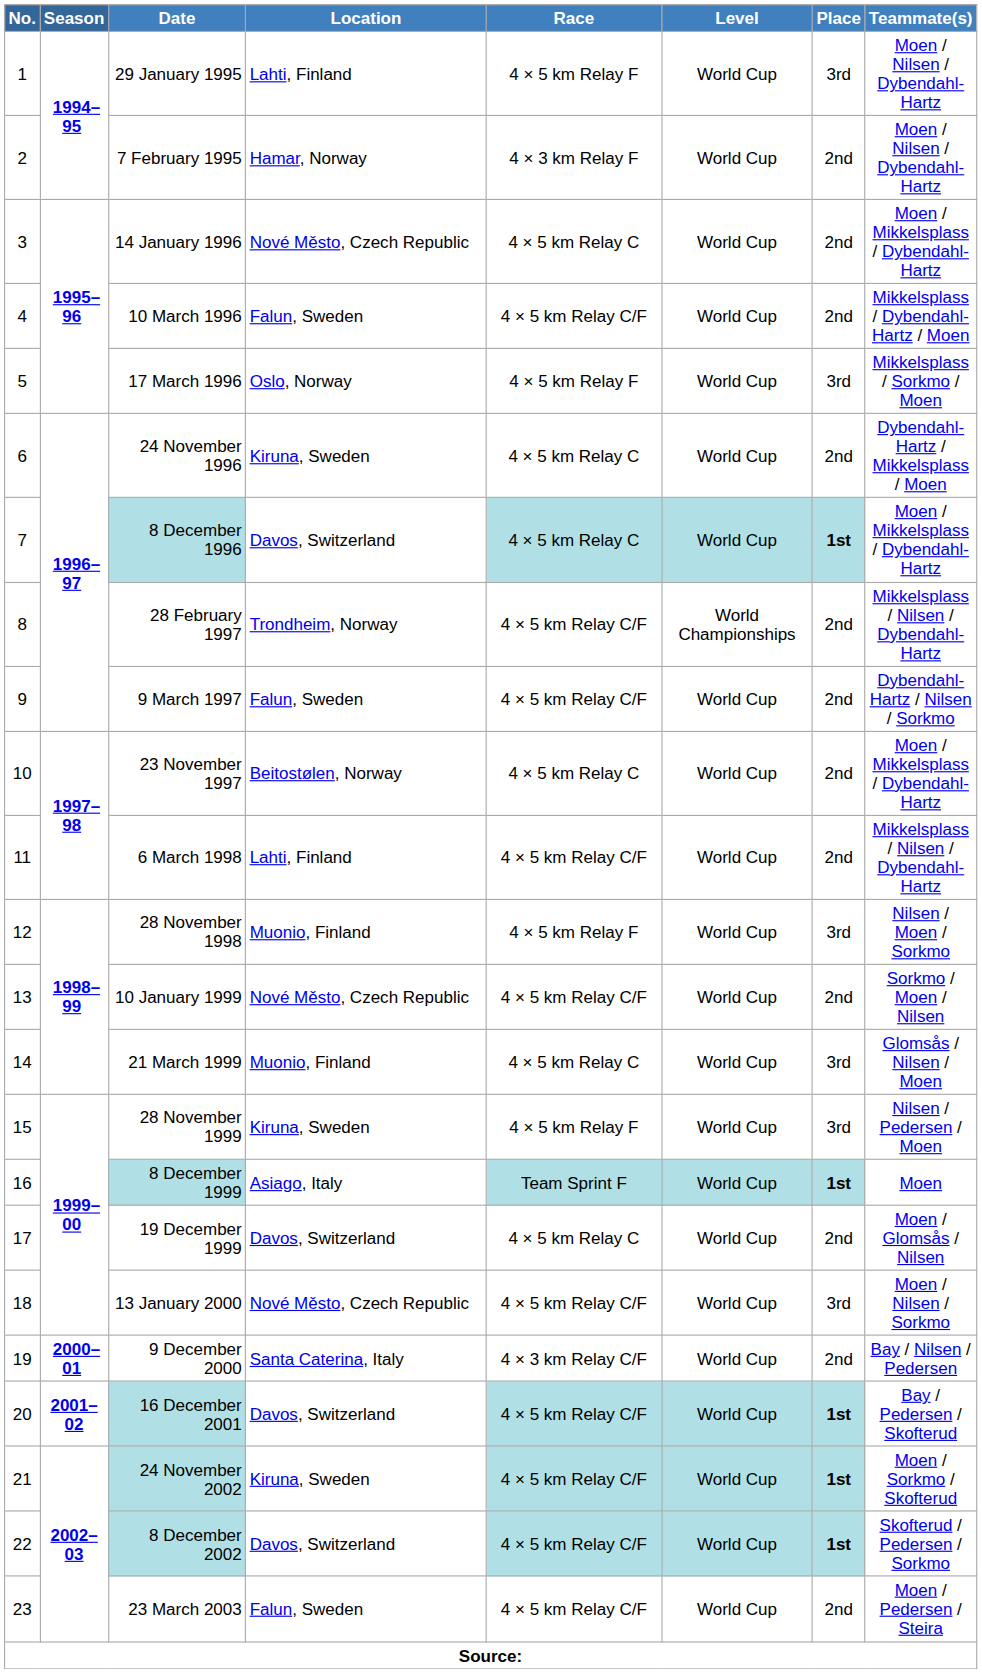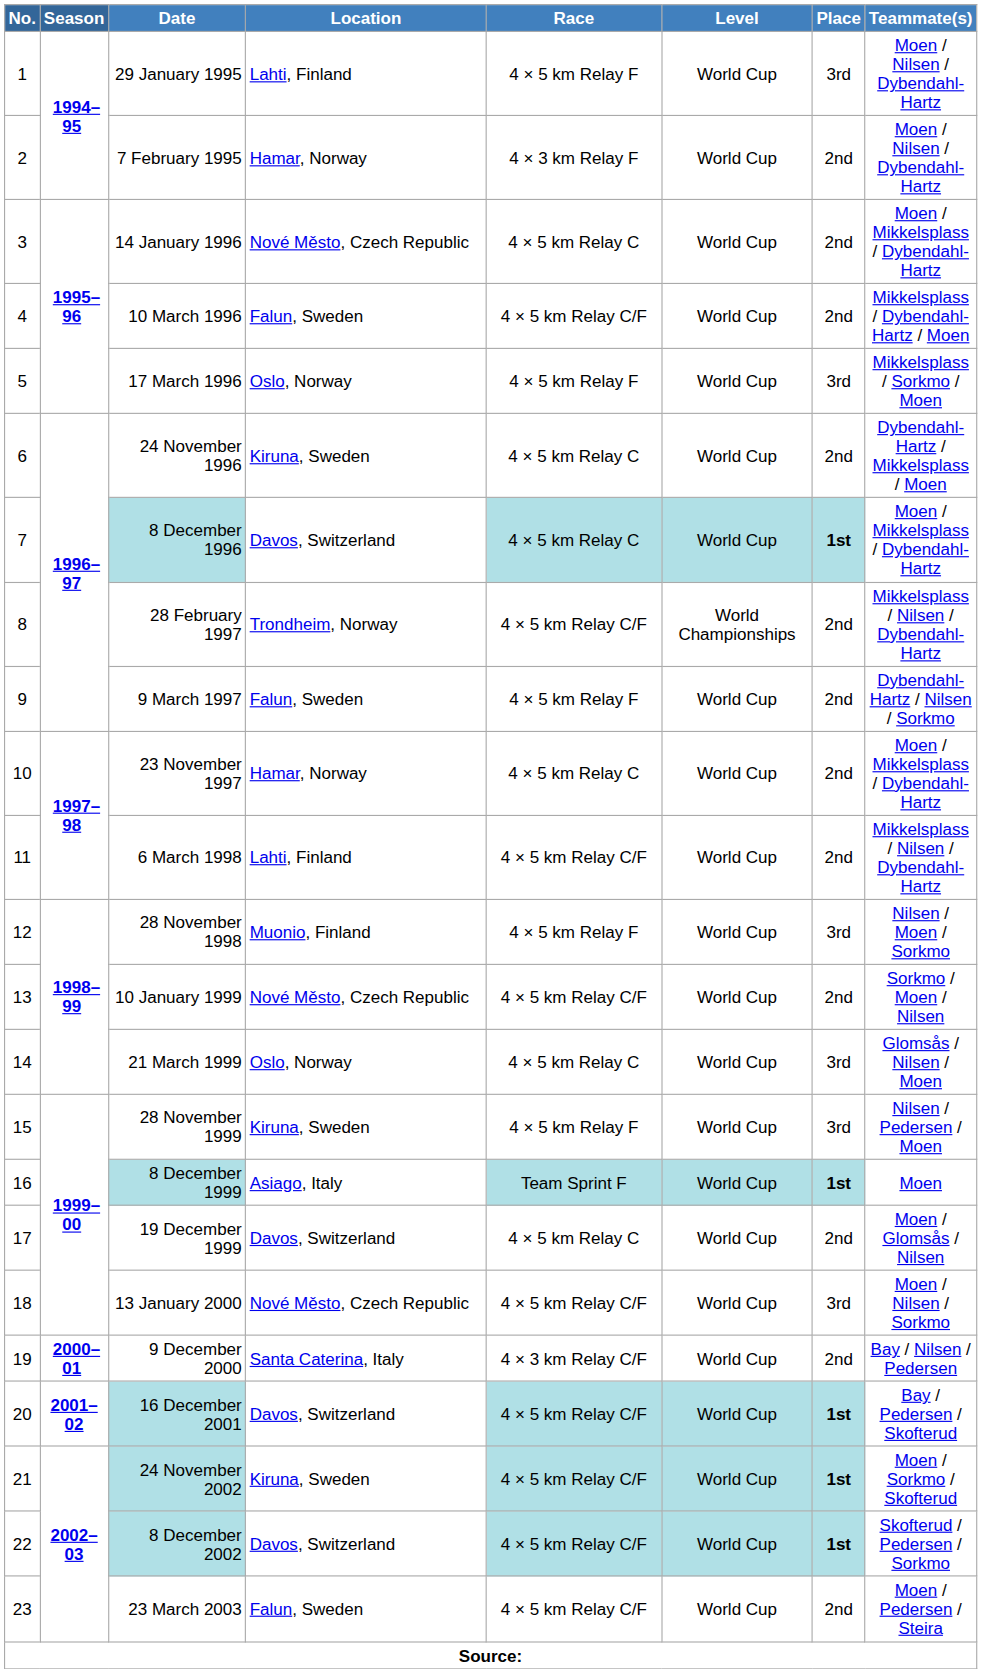 <table class="wikitable sortable" style="font-size:95%; text-align:center; border:grey solid 1px; border-collapse:collapse; background:#ffffff;">
 <tr style="background:#efefef;">
 <th style="background-color:#369; color:white;">No.</th>
 <th style="background-color:#369; color:white;">Season</th>
 <th style="background-color:#4180be; color:white; width:120px;">Date</th>
 <th style="background-color:#4180be; color:white; width:220px;">Location</th>
 <th style="background-color:#4180be; color:white; width:160px;">Race</th>
 <th style="background-color:#4180be; color:white; width:130px;">Level</th>
 <th style="background-color:#4180be; color:white;">Place</th>
 <th style="background-color:#4180be; color:white;">Teammate(s)</th>
 </tr>
 <tr>
 <td align=center>1</td>
 <td rowspan=2 align=center><strong> <a href='#'>1994–95</a> </strong></td>
 <td align=right>29 January 1995</td>
 <td align=left> <a href='#'>Lahti</a>, Finland</td>
 <td>4 × 5 km Relay F</td>
 <td>World Cup</td>
 <td>3rd</td>
 <td><a href='#'>Moen</a> / <a href='#'>Nilsen</a> / <a href='#'>Dybendahl-Hartz</a></td>
 </tr>
 <tr>
 <td align=center>2</td>
 <td align=right>7 February 1995</td>
 <td align=left> <a href='#'>Hamar</a>, Norway</td>
 <td>4 × 3 km Relay F</td>
 <td>World Cup</td>
 <td>2nd</td>
 <td><a href='#'>Moen</a> / <a href='#'>Nilsen</a> / <a href='#'>Dybendahl-Hartz</a></td>
 </tr>
 <tr>
 <td align=center>3</td>
 <td rowspan=3 align=center><strong> <a href='#'>1995–96</a> </strong></td>
 <td align=right>14 January 1996</td>
 <td align=left> <a href='#'>Nové Město</a>, Czech Republic</td>
 <td>4 × 5 km Relay C</td>
 <td>World Cup</td>
 <td>2nd</td>
 <td><a href='#'>Moen</a> / <a href='#'>Mikkelsplass</a> / <a href='#'>Dybendahl-Hartz</a></td>
 </tr>
 <tr>
 <td align=center>4</td>
 <td align=right>10 March 1996</td>
 <td align=left> <a href='#'>Falun</a>, Sweden</td>
 <td>4 × 5 km Relay C/F</td>
 <td>World Cup</td>
 <td>2nd</td>
 <td><a href='#'>Mikkelsplass</a> / <a href='#'>Dybendahl-Hartz</a> / <a href='#'>Moen</a></td>
 </tr>
 <tr>
 <td align=center>5</td>
 <td align=right>17 March 1996</td>
 <td align=left> <a href='#'>Oslo</a>, Norway</td>
 <td>4 × 5 km Relay F</td>
 <td>World Cup</td>
 <td>3rd</td>
 <td><a href='#'>Mikkelsplass</a> / <a href='#'>Sorkmo</a> / <a href='#'>Moen</a></td>
 </tr>
 <tr>
 <td align=center>6</td>
 <td rowspan=4 align=center><strong> <a href='#'>1996–97</a> </strong></td>
 <td align=right>24 November 1996</td>
 <td align=left> <a href='#'>Kiruna</a>, Sweden</td>
 <td>4 × 5 km Relay C</td>
 <td>World Cup</td>
 <td>2nd</td>
 <td><a href='#'>Dybendahl-Hartz</a> / <a href='#'>Mikkelsplass</a> / <a href='#'>Moen</a></td>
 </tr>
 <tr>
 <td align=center>7</td>
 <td bgcolor="#BOEOE6" align=right>8 December 1996</td>
 <td align=left> <a href='#'>Davos</a>, Switzerland</td>
 <td bgcolor="#BOEOE6">4 × 5 km Relay C</td>
 <td bgcolor="#BOEOE6">World Cup</td>
 <td bgcolor="#BOEOE6"><strong>1st</strong></td>
 <td><a href='#'>Moen</a> / <a href='#'>Mikkelsplass</a> / <a href='#'>Dybendahl-Hartz</a></td>
 </tr>
 <tr>
 <td align=center>8</td>
 <td align=right>28 February 1997</td>
 <td align=left> <a href='#'>Trondheim</a>, Norway</td>
 <td>4 × 5 km Relay C/F</td>
 <td>World Championships</td>
 <td>2nd</td>
 <td><a href='#'>Mikkelsplass</a> / <a href='#'>Nilsen</a> / <a href='#'>Dybendahl-Hartz</a></td>
 </tr>
 <tr>
 <td align=center>9</td>
 <td align=right>9 March 1997</td>
 <td align=left> <a href='#'>Falun</a>, Sweden</td>
-<td>4 × 5 km Relay C/F</td>
+<td>4 × 5 km Relay F</td>
 <td>World Cup</td>
 <td>2nd</td>
 <td><a href='#'>Dybendahl-Hartz</a> / <a href='#'>Nilsen</a> / <a href='#'>Sorkmo</a></td>
 </tr>
 <tr>
 <td align=center>10</td>
 <td rowspan=2 align=center><strong> <a href='#'>1997–98</a> </strong></td>
 <td align=right>23 November 1997</td>
-<td align=left> <a href='#'>Beitostølen</a>, Norway</td>
+<td align=left> <a href='#'>Hamar</a>, Norway</td>
 <td>4 × 5 km Relay C</td>
 <td>World Cup</td>
 <td>2nd</td>
 <td><a href='#'>Moen</a> / <a href='#'>Mikkelsplass</a> / <a href='#'>Dybendahl-Hartz</a></td>
 </tr>
 <tr>
 <td align=center>11</td>
 <td align=right>6 March 1998</td>
 <td align=left> <a href='#'>Lahti</a>, Finland</td>
 <td>4 × 5 km Relay C/F</td>
 <td>World Cup</td>
 <td>2nd</td>
 <td><a href='#'>Mikkelsplass</a> / <a href='#'>Nilsen</a> / <a href='#'>Dybendahl-Hartz</a></td>
 </tr>
 <tr>
 <td align=center>12</td>
 <td rowspan=3 align=center><strong> <a href='#'>1998–99</a> </strong></td>
 <td align=right>28 November 1998</td>
 <td align=left> <a href='#'>Muonio</a>, Finland</td>
 <td>4 × 5 km Relay F</td>
 <td>World Cup</td>
 <td>3rd</td>
 <td><a href='#'>Nilsen</a> / <a href='#'>Moen</a> / <a href='#'>Sorkmo</a></td>
 </tr>
 <tr>
 <td align=center>13</td>
 <td align=right>10 January 1999</td>
 <td align=left> <a href='#'>Nové Město</a>, Czech Republic</td>
 <td>4 × 5 km Relay C/F</td>
 <td>World Cup</td>
 <td>2nd</td>
 <td><a href='#'>Sorkmo</a> / <a href='#'>Moen</a> / <a href='#'>Nilsen</a></td>
 </tr>
 <tr>
 <td align=center>14</td>
 <td align=right>21 March 1999</td>
-<td align=left> <a href='#'>Muonio</a>, Finland</td>
+<td align=left> <a href='#'>Oslo</a>, Norway</td>
 <td>4 × 5 km Relay C</td>
 <td>World Cup</td>
 <td>3rd</td>
 <td><a href='#'>Glomsås</a> / <a href='#'>Nilsen</a> / <a href='#'>Moen</a></td>
 </tr>
 <tr>
 <td align=center>15</td>
 <td rowspan=4 align=center><strong> <a href='#'>1999–00</a> </strong></td>
 <td align=right>28 November 1999</td>
 <td align=left> <a href='#'>Kiruna</a>, Sweden</td>
 <td>4 × 5 km Relay F</td>
 <td>World Cup</td>
 <td>3rd</td>
 <td><a href='#'>Nilsen</a> / <a href='#'>Pedersen</a> / <a href='#'>Moen</a></td>
 </tr>
 <tr>
 <td align=center>16</td>
 <td bgcolor="#BOEOE6" align=right>8 December 1999</td>
 <td align=left> <a href='#'>Asiago</a>, Italy</td>
 <td bgcolor="#BOEOE6">Team Sprint F</td>
 <td bgcolor="#BOEOE6">World Cup</td>
 <td bgcolor="#BOEOE6"><strong>1st</strong></td>
 <td><a href='#'>Moen</a></td>
 </tr>
 <tr>
 <td align=center>17</td>
 <td align=right>19 December 1999</td>
 <td align=left> <a href='#'>Davos</a>, Switzerland</td>
 <td>4 × 5 km Relay C</td>
 <td>World Cup</td>
 <td>2nd</td>
 <td><a href='#'>Moen</a> / <a href='#'>Glomsås</a> / <a href='#'>Nilsen</a></td>
 </tr>
 <tr>
 <td align=center>18</td>
 <td align=right>13 January 2000</td>
 <td align=left> <a href='#'>Nové Město</a>, Czech Republic</td>
 <td>4 × 5 km Relay C/F</td>
 <td>World Cup</td>
 <td>3rd</td>
 <td><a href='#'>Moen</a> / <a href='#'>Nilsen</a> / <a href='#'>Sorkmo</a></td>
 </tr>
 <tr>
 <td align=center>19</td>
 <td rowspan=1 align=center><strong> <a href='#'>2000–01</a> </strong></td>
 <td align=right>9 December 2000</td>
 <td align=left> <a href='#'>Santa Caterina</a>, Italy</td>
 <td>4 × 3 km Relay C/F</td>
 <td>World Cup</td>
 <td>2nd</td>
 <td><a href='#'>Bay</a> / <a href='#'>Nilsen</a> / <a href='#'>Pedersen</a></td>
 </tr>
 <tr>
 <td align=center>20</td>
 <td rowspan=1 align=center><strong><a href='#'>2001–02</a></strong></td>
 <td bgcolor="#BOEOE6" align=right>16 December 2001</td>
 <td align=left> <a href='#'>Davos</a>, Switzerland</td>
 <td bgcolor="#BOEOE6">4 × 5 km Relay C/F</td>
 <td bgcolor="#BOEOE6">World Cup</td>
 <td bgcolor="#BOEOE6"><strong>1st</strong></td>
 <td><a href='#'>Bay</a> / <a href='#'>Pedersen</a> / <a href='#'>Skofterud</a></td>
 </tr>
 <tr>
 <td align=center>21</td>
 <td rowspan=3 align=center><strong><a href='#'>2002–03</a></strong></td>
 <td bgcolor="#BOEOE6" align=right>24 November 2002</td>
 <td align=left> <a href='#'>Kiruna</a>, Sweden</td>
 <td bgcolor="#BOEOE6">4 × 5 km Relay C/F</td>
 <td bgcolor="#BOEOE6">World Cup</td>
 <td bgcolor="#BOEOE6"><strong>1st</strong></td>
 <td><a href='#'>Moen</a> / <a href='#'>Sorkmo</a> / <a href='#'>Skofterud</a></td>
 </tr>
 <tr>
 <td align=center>22</td>
 <td bgcolor="#BOEOE6" align=right>8 December 2002</td>
 <td align=left> <a href='#'>Davos</a>, Switzerland</td>
 <td bgcolor="#BOEOE6">4 × 5 km Relay C/F</td>
 <td bgcolor="#BOEOE6">World Cup</td>
 <td bgcolor="#BOEOE6"><strong>1st</strong></td>
 <td><a href='#'>Skofterud</a> / <a href='#'>Pedersen</a> / <a href='#'>Sorkmo</a></td>
 </tr>
 <tr>
 <td align=center>23</td>
 <td align=right>23 March 2003</td>
 <td align=left> <a href='#'>Falun</a>, Sweden</td>
 <td>4 × 5 km Relay C/F</td>
 <td>World Cup</td>
 <td>2nd</td>
 <td><a href='#'>Moen</a> / <a href='#'>Pedersen</a> / <a href='#'>Steira</a></td>
 </tr>
 <tr>
 <td colspan="8"><strong>Source:</strong> </td>
 </tr>
 </table>
